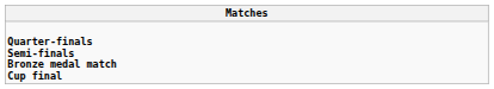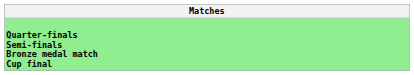 <table class="wikitable collapsible collapsed" style="width:100%;">
 <tr>
 <th>Matches</th>
 </tr>
 <tr>
-<td><br><strong>Quarter-finals</strong>    <br><strong>Semi-finals</strong>  <br><strong>Bronze medal match</strong> <br><strong>Cup final</strong> </td>
+<td style="background: lightgreen;"><br><strong>Quarter-finals</strong>    <br><strong>Semi-finals</strong>  <br><strong>Bronze medal match</strong> <br><strong>Cup final</strong> </td>
 </tr>
 </table>
